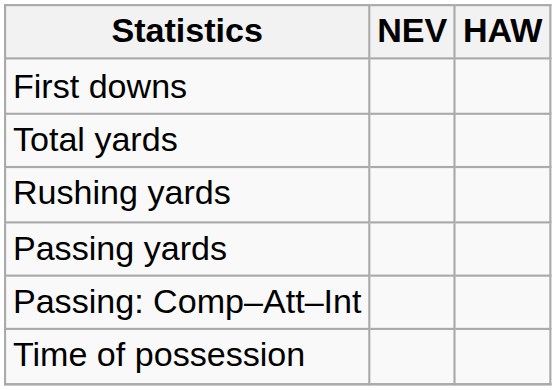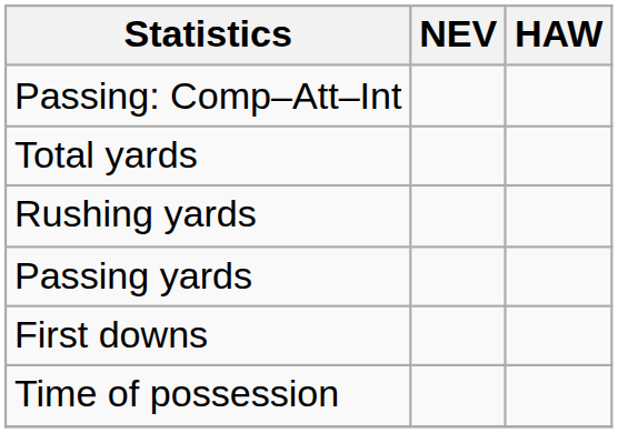 <table class="wikitable" style="float: left;">
 <tr>
 <th>Statistics</th>
 <th>NEV</th>
 <th>HAW</th>
 </tr>
 <tr>
-<td>First downs</td>
+<td>Passing: Comp–Att–Int</td>
 <td></td>
 <td></td>
 </tr>
 <tr>
 <td>Total yards</td>
 <td></td>
 <td></td>
 </tr>
 <tr>
 <td>Rushing yards</td>
 <td></td>
 <td></td>
 </tr>
 <tr>
 <td>Passing yards</td>
 <td></td>
 <td></td>
 </tr>
 <tr>
-<td>Passing: Comp–Att–Int</td>
+<td>First downs</td>
 <td></td>
 <td></td>
 </tr>
 <tr>
 <td>Time of possession</td>
 <td></td>
 <td></td>
 </tr>
 <tr>
 </tr>
 </table>
